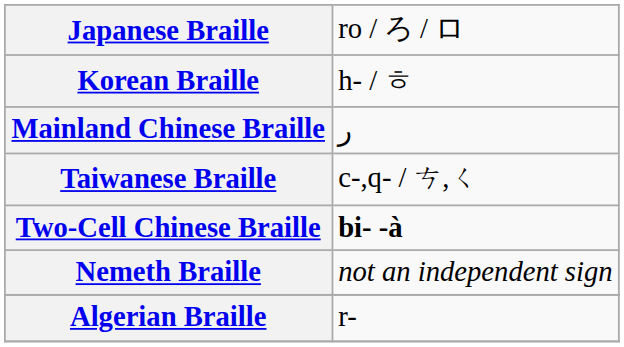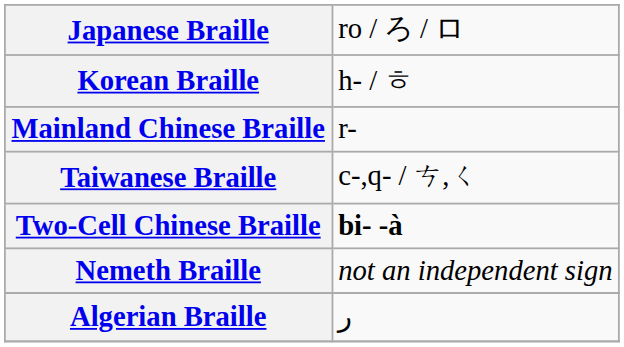 <table class="wikitable">
 <tr>
 <th align=left><a href='#'>Japanese Braille</a></th>
 <td>ro / ろ / ロ </td>
 </tr>
 <tr>
 <th align=left><a href='#'>Korean Braille</a></th>
 <td>h- / ㅎ </td>
 </tr>
 <tr>
 <th align=left><a href='#'>Mainland Chinese Braille</a></th>
-<td>ر ‎</td>
+<td>r- </td>
 </tr>
 <tr>
 <th align=left><a href='#'>Taiwanese Braille</a></th>
 <td>c-,q- / ㄘ,ㄑ</td>
 </tr>
 <tr>
 <th align=left><a href='#'>Two-Cell Chinese Braille</a></th>
 <td><strong>bi- -à</strong></td>
 </tr>
 <tr>
 <th align=left><a href='#'>Nemeth Braille</a></th>
 <td><em>not an independent sign</em> </td>
 </tr>
 <tr>
 </tr>
 <tr>
 <th align=left><a href='#'>Algerian Braille</a></th>
-<td>r- </td>
+<td>ر ‎</td>
 </tr>
 <tr>
 </tr>
 </table>
